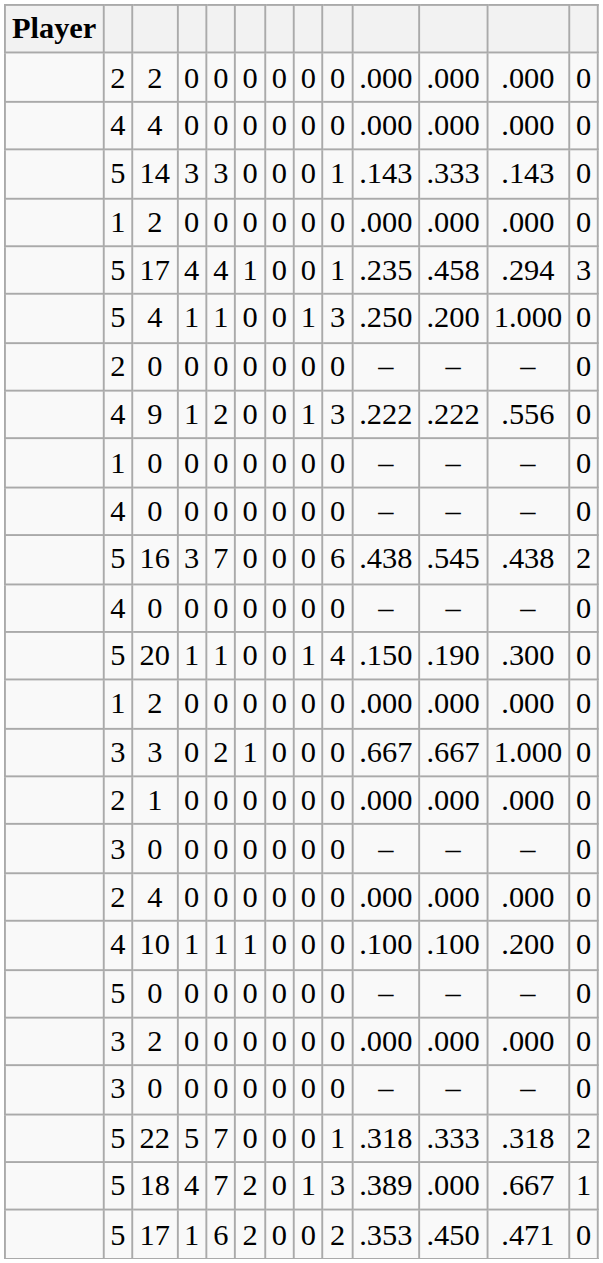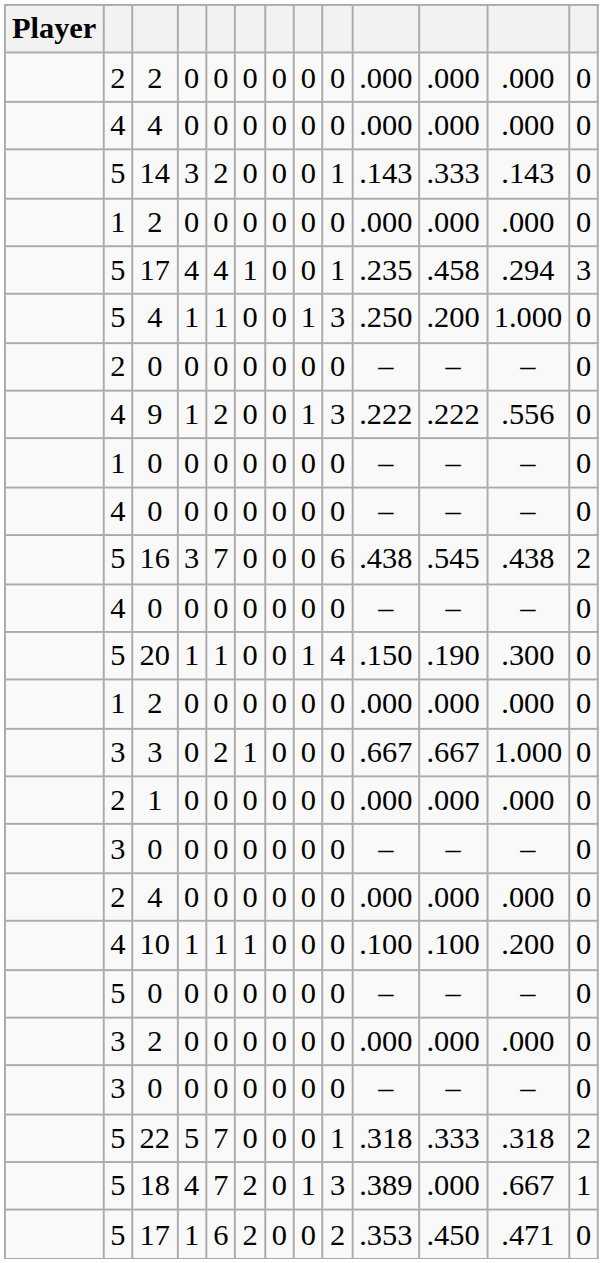 <table class="wikitable sortable" style="text-align:center;">
 <tr>
 <th>Player</th>
 <th></th>
 <th></th>
 <th></th>
 <th></th>
 <th></th>
 <th></th>
 <th></th>
 <th></th>
 <th></th>
 <th></th>
 <th></th>
 <th></th>
 </tr>
 <tr>
 <td align=left></td>
 <td>2</td>
 <td>2</td>
 <td>0</td>
 <td>0</td>
 <td>0</td>
 <td>0</td>
 <td>0</td>
 <td>0</td>
 <td>.000</td>
 <td>.000</td>
 <td>.000</td>
 <td>0</td>
 </tr>
 <tr>
 <td align=left></td>
 <td>4</td>
 <td>4</td>
 <td>0</td>
 <td>0</td>
 <td>0</td>
 <td>0</td>
 <td>0</td>
 <td>0</td>
 <td>.000</td>
 <td>.000</td>
 <td>.000</td>
 <td>0</td>
 </tr>
 <tr>
 <td align=left></td>
 <td>5</td>
 <td>14</td>
 <td>3</td>
-<td>3</td>
+<td>2</td>
 <td>0</td>
 <td>0</td>
 <td>0</td>
 <td>1</td>
 <td>.143</td>
 <td>.333</td>
 <td>.143</td>
 <td>0</td>
 </tr>
 <tr>
 <td align=left></td>
 <td>1</td>
 <td>2</td>
 <td>0</td>
 <td>0</td>
 <td>0</td>
 <td>0</td>
 <td>0</td>
 <td>0</td>
 <td>.000</td>
 <td>.000</td>
 <td>.000</td>
 <td>0</td>
 </tr>
 <tr>
 <td align=left></td>
 <td>5</td>
 <td>17</td>
 <td>4</td>
 <td>4</td>
 <td>1</td>
 <td>0</td>
 <td>0</td>
 <td>1</td>
 <td>.235</td>
 <td>.458</td>
 <td>.294</td>
 <td>3</td>
 </tr>
 <tr>
 <td align=left></td>
 <td>5</td>
 <td>4</td>
 <td>1</td>
 <td>1</td>
 <td>0</td>
 <td>0</td>
 <td>1</td>
 <td>3</td>
 <td>.250</td>
 <td>.200</td>
 <td>1.000</td>
 <td>0</td>
 </tr>
 <tr>
 <td align=left></td>
 <td>2</td>
 <td>0</td>
 <td>0</td>
 <td>0</td>
 <td>0</td>
 <td>0</td>
 <td>0</td>
 <td>0</td>
 <td>–</td>
 <td>–</td>
 <td>–</td>
 <td>0</td>
 </tr>
 <tr>
 <td align=left></td>
 <td>4</td>
 <td>9</td>
 <td>1</td>
 <td>2</td>
 <td>0</td>
 <td>0</td>
 <td>1</td>
 <td>3</td>
 <td>.222</td>
 <td>.222</td>
 <td>.556</td>
 <td>0</td>
 </tr>
 <tr>
 <td align=left></td>
 <td>1</td>
 <td>0</td>
 <td>0</td>
 <td>0</td>
 <td>0</td>
 <td>0</td>
 <td>0</td>
 <td>0</td>
 <td>–</td>
 <td>–</td>
 <td>–</td>
 <td>0</td>
 </tr>
 <tr>
 <td align=left></td>
 <td>4</td>
 <td>0</td>
 <td>0</td>
 <td>0</td>
 <td>0</td>
 <td>0</td>
 <td>0</td>
 <td>0</td>
 <td>–</td>
 <td>–</td>
 <td>–</td>
 <td>0</td>
 </tr>
 <tr>
 <td align=left></td>
 <td>5</td>
 <td>16</td>
 <td>3</td>
 <td>7</td>
 <td>0</td>
 <td>0</td>
 <td>0</td>
 <td>6</td>
 <td>.438</td>
 <td>.545</td>
 <td>.438</td>
 <td>2</td>
 </tr>
 <tr>
 <td align=left></td>
 <td>4</td>
 <td>0</td>
 <td>0</td>
 <td>0</td>
 <td>0</td>
 <td>0</td>
 <td>0</td>
 <td>0</td>
 <td>–</td>
 <td>–</td>
 <td>–</td>
 <td>0</td>
 </tr>
 <tr>
 <td align=left></td>
 <td>5</td>
 <td>20</td>
 <td>1</td>
 <td>1</td>
 <td>0</td>
 <td>0</td>
 <td>1</td>
 <td>4</td>
 <td>.150</td>
 <td>.190</td>
 <td>.300</td>
 <td>0</td>
 </tr>
 <tr>
 <td align=left></td>
 <td>1</td>
 <td>2</td>
 <td>0</td>
 <td>0</td>
 <td>0</td>
 <td>0</td>
 <td>0</td>
 <td>0</td>
 <td>.000</td>
 <td>.000</td>
 <td>.000</td>
 <td>0</td>
 </tr>
 <tr>
 <td align=left></td>
 <td>3</td>
 <td>3</td>
 <td>0</td>
 <td>2</td>
 <td>1</td>
 <td>0</td>
 <td>0</td>
 <td>0</td>
 <td>.667</td>
 <td>.667</td>
 <td>1.000</td>
 <td>0</td>
 </tr>
 <tr>
 <td align=left></td>
 <td>2</td>
 <td>1</td>
 <td>0</td>
 <td>0</td>
 <td>0</td>
 <td>0</td>
 <td>0</td>
 <td>0</td>
 <td>.000</td>
 <td>.000</td>
 <td>.000</td>
 <td>0</td>
 </tr>
 <tr>
 <td align=left></td>
 <td>3</td>
 <td>0</td>
 <td>0</td>
 <td>0</td>
 <td>0</td>
 <td>0</td>
 <td>0</td>
 <td>0</td>
 <td>–</td>
 <td>–</td>
 <td>–</td>
 <td>0</td>
 </tr>
 <tr>
 <td align=left></td>
 <td>2</td>
 <td>4</td>
 <td>0</td>
 <td>0</td>
 <td>0</td>
 <td>0</td>
 <td>0</td>
 <td>0</td>
 <td>.000</td>
 <td>.000</td>
 <td>.000</td>
 <td>0</td>
 </tr>
 <tr>
 <td align=left></td>
 <td>4</td>
 <td>10</td>
 <td>1</td>
 <td>1</td>
 <td>1</td>
 <td>0</td>
 <td>0</td>
 <td>0</td>
 <td>.100</td>
 <td>.100</td>
 <td>.200</td>
 <td>0</td>
 </tr>
 <tr>
 <td align=left></td>
 <td>5</td>
 <td>0</td>
 <td>0</td>
 <td>0</td>
 <td>0</td>
 <td>0</td>
 <td>0</td>
 <td>0</td>
 <td>–</td>
 <td>–</td>
 <td>–</td>
 <td>0</td>
 </tr>
 <tr>
 <td align=left></td>
 <td>3</td>
 <td>2</td>
 <td>0</td>
 <td>0</td>
 <td>0</td>
 <td>0</td>
 <td>0</td>
 <td>0</td>
 <td>.000</td>
 <td>.000</td>
 <td>.000</td>
 <td>0</td>
 </tr>
 <tr>
 <td align=left></td>
 <td>3</td>
 <td>0</td>
 <td>0</td>
 <td>0</td>
 <td>0</td>
 <td>0</td>
 <td>0</td>
 <td>0</td>
 <td>–</td>
 <td>–</td>
 <td>–</td>
 <td>0</td>
 </tr>
 <tr>
 <td align=left></td>
 <td>5</td>
 <td>22</td>
 <td>5</td>
 <td>7</td>
 <td>0</td>
 <td>0</td>
 <td>0</td>
 <td>1</td>
 <td>.318</td>
 <td>.333</td>
 <td>.318</td>
 <td>2</td>
 </tr>
 <tr>
 <td align=left></td>
 <td>5</td>
 <td>18</td>
 <td>4</td>
 <td>7</td>
 <td>2</td>
 <td>0</td>
 <td>1</td>
 <td>3</td>
 <td>.389</td>
 <td>.000</td>
 <td>.667</td>
 <td>1</td>
 </tr>
 <tr>
 <td align=left></td>
 <td>5</td>
 <td>17</td>
 <td>1</td>
 <td>6</td>
 <td>2</td>
 <td>0</td>
 <td>0</td>
 <td>2</td>
 <td>.353</td>
 <td>.450</td>
 <td>.471</td>
 <td>0</td>
 </tr>
 <tr>
 </tr>
 <tr class="sortbottom|}">
 </tr>
 </table>
